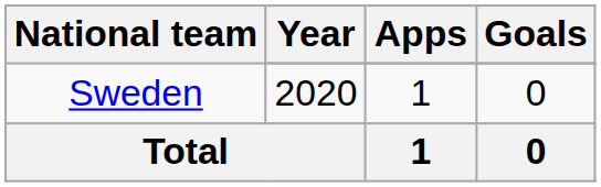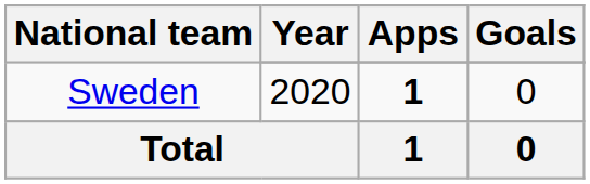 <table class="wikitable" style="text-align:center">
 <tr>
 <th>National team</th>
 <th>Year</th>
 <th>Apps</th>
 <th>Goals</th>
 </tr>
 <tr>
 <td rowspan=2><a href='#'>Sweden</a></td>
 </tr>
 <tr>
 <td>2020</td>
-<td>1</td>
+<td><strong>1</strong></td>
 <td>0</td>
 </tr>
 <tr>
 <th colspan="2">Total</th>
 <th>1</th>
 <th>0</th>
 </tr>
 </table>
